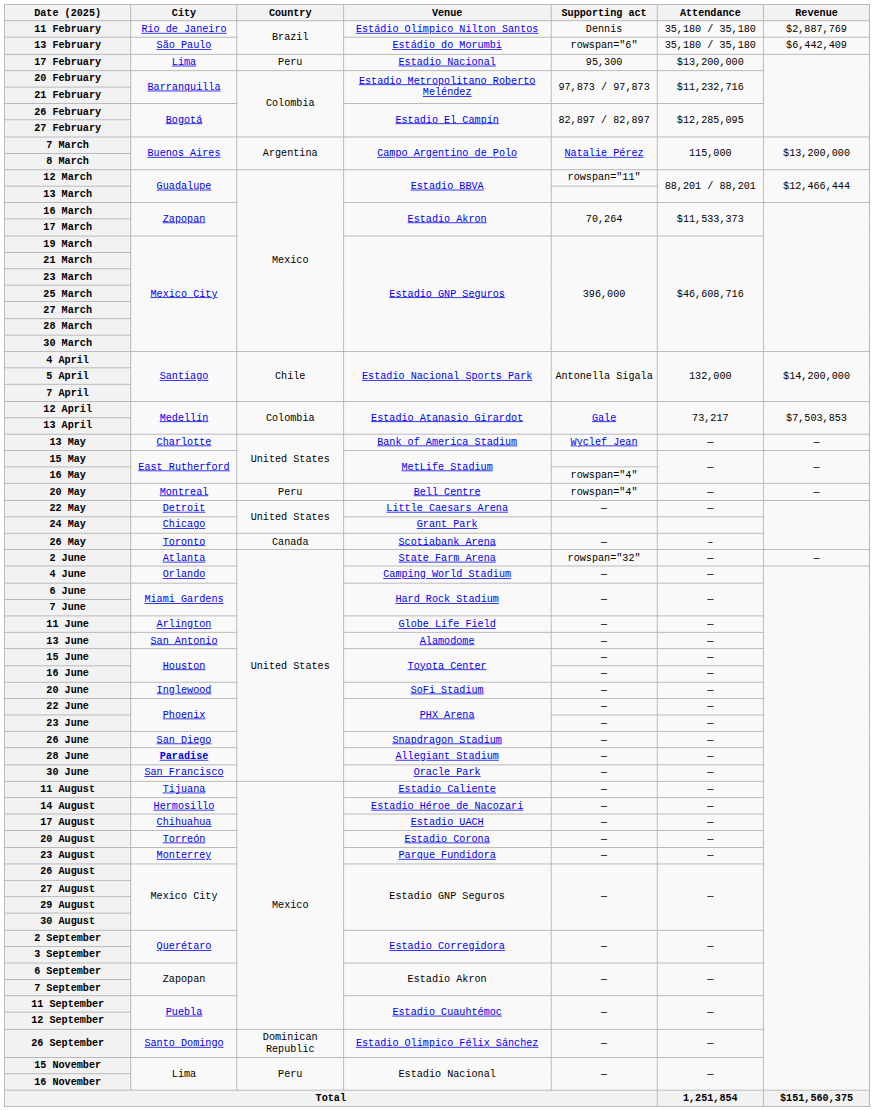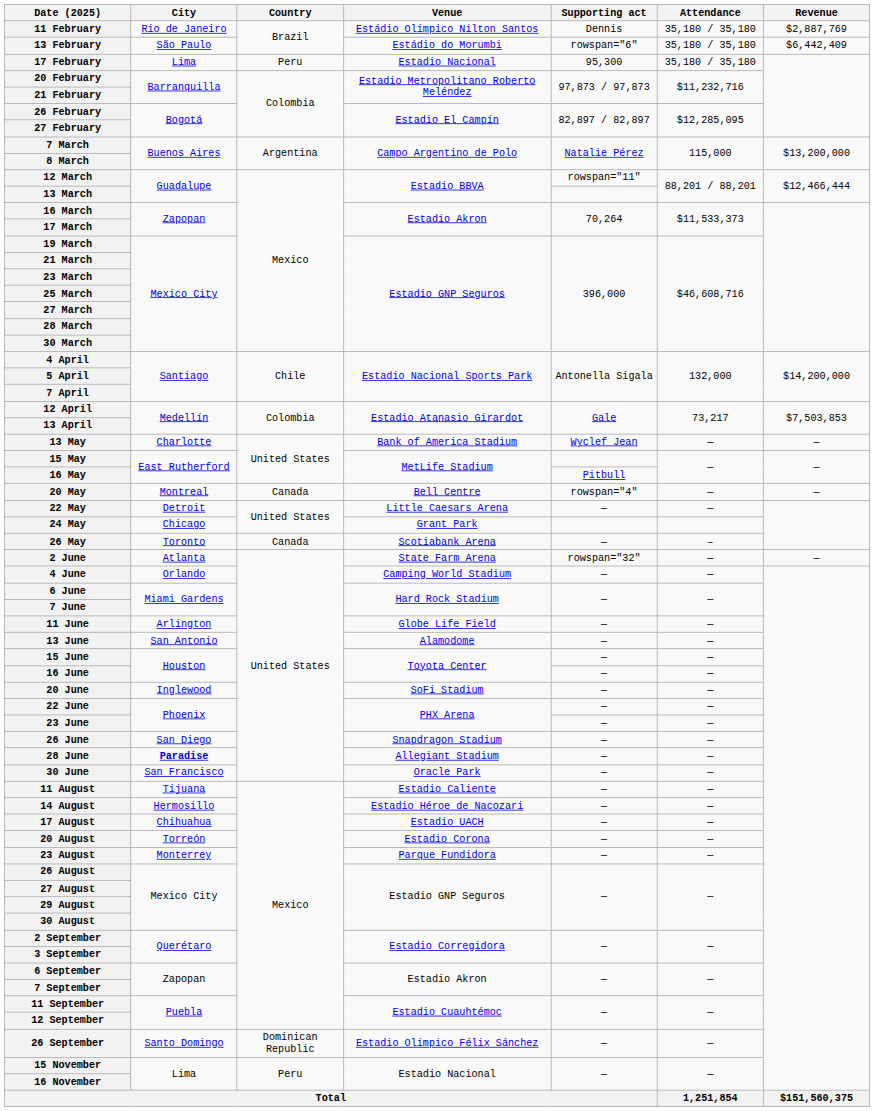 <table class="wikitable plainrowheaders" style="text-align:center;">
 <tr>
 <th scope="col" style="width:12em;">Date (2025)</th>
 <th scope="col" style="width:10em;">City</th>
 <th scope="col" style="width:10em;">Country</th>
 <th scope="col" style="width:20em;">Venue</th>
 <th scope="col" style="width:10em;">Supporting act</th>
 <th scope="col" style="width:10em;">Attendance</th>
 <th scope="col" style="width:10em;">Revenue</th>
 </tr>
 <tr>
 <th scope="row" style="text-align:center;">11 February</th>
 <td><a href='#'>Rio de Janeiro</a></td>
 <td rowspan="2">Brazil</td>
 <td><a href='#'>Estádio Olímpico Nilton Santos</a></td>
 <td>Dennis</td>
 <td>35,180 / 35,180</td>
 <td>$2,887,769</td>
 </tr>
 <tr>
 <th scope="row" style="text-align:center;">13 February</th>
 <td><a href='#'>São Paulo</a></td>
 <td><a href='#'>Estádio do Morumbi</a></td>
 <td>rowspan="6" </td>
 <td>35,180 / 35,180</td>
 <td>$6,442,409</td>
 </tr>
 <tr>
 <th scope="row" style="text-align:center;">17 February</th>
 <td><a href='#'>Lima</a></td>
 <td>Peru</td>
 <td><a href='#'>Estadio Nacional</a></td>
 <td>95,300</td>
-<td>$13,200,000</td>
+<td>35,180 / 35,180</td>
 </tr>
 <tr>
 <th scope="row" style="text-align:center;">20 February</th>
 <td rowspan="2"><a href='#'>Barranquilla</a></td>
 <td rowspan="4">Colombia</td>
 <td rowspan="2"><a href='#'>Estadio Metropolitano Roberto Meléndez</a></td>
 <td rowspan="2">97,873 / 97,873</td>
 <td rowspan="2">$11,232,716</td>
 </tr>
 <tr>
 <th scope="row" style="text-align:center;">21 February</th>
 </tr>
 <tr>
 <th scope="row" style="text-align:center;">26 February</th>
 <td rowspan="2"><a href='#'>Bogotá</a></td>
 <td rowspan="2"><a href='#'>Estadio El Campín</a></td>
 <td rowspan="2">82,897 / 82,897</td>
 <td rowspan="2">$12,285,095</td>
 </tr>
 <tr>
 <th scope="row" style="text-align:center;">27 February</th>
 </tr>
 <tr>
 <th scope="row" style="text-align:center;">7 March</th>
 <td rowspan="2"><a href='#'>Buenos Aires</a></td>
 <td rowspan="2">Argentina</td>
 <td rowspan="2"><a href='#'>Campo Argentino de Polo</a></td>
 <td rowspan="2"><a href='#'>Natalie Pérez</a></td>
 <td rowspan="2">115,000</td>
 <td rowspan="2">$13,200,000</td>
 </tr>
 <tr>
 <th scope="row" style="text-align:center;">8 March</th>
 </tr>
 <tr>
 <th scope="row" style="text-align:center;">12 March</th>
 <td rowspan="2"><a href='#'>Guadalupe</a></td>
 <td rowspan="11">Mexico</td>
 <td rowspan="2"><a href='#'>Estadio BBVA</a></td>
 <td>rowspan="11" </td>
 <td rowspan="2">88,201 / 88,201</td>
 <td rowspan="2">$12,466,444</td>
 </tr>
 <tr>
 <th scope="row" style="text-align:center;">13 March</th>
 </tr>
 <tr>
 <th scope="row" style="text-align:center;">16 March</th>
 <td rowspan="2"><a href='#'>Zapopan</a></td>
 <td rowspan="2"><a href='#'>Estadio Akron</a></td>
 <td rowspan="2">70,264</td>
 <td rowspan="2">$11,533,373</td>
 </tr>
 <tr>
 <th scope="row" style="text-align:center;">17 March</th>
 </tr>
 <tr>
 <th scope="row" style="text-align:center;">19 March</th>
 <td rowspan="7"><a href='#'>Mexico City</a></td>
 <td rowspan="7"><a href='#'>Estadio GNP Seguros</a></td>
 <td rowspan="7">396,000</td>
 <td rowspan="7">$46,608,716</td>
 </tr>
 <tr>
 <th scope="row" style="text-align:center;">21 March</th>
 </tr>
 <tr>
 <th scope="row" style="text-align:center;">23 March</th>
 </tr>
 <tr>
 <th scope="row" style="text-align:center;">25 March</th>
 </tr>
 <tr>
 <th scope="row" style="text-align:center;">27 March</th>
 </tr>
 <tr>
 <th scope="row" style="text-align:center;">28 March</th>
 </tr>
 <tr>
 <th scope="row" style="text-align:center;">30 March</th>
 </tr>
 <tr>
 <th scope="row" style="text-align:center;">4 April</th>
 <td rowspan="3"><a href='#'>Santiago</a></td>
 <td rowspan="3">Chile</td>
 <td rowspan="3"><a href='#'>Estadio Nacional Sports Park</a></td>
 <td rowspan="3">Antonella Sigala</td>
 <td rowspan="3">132,000</td>
 <td rowspan="3">$14,200,000</td>
 </tr>
 <tr>
 <th scope="row" style="text-align:center;">5 April</th>
 </tr>
 <tr>
 <th scope="row" style="text-align:center;">7 April</th>
 </tr>
 <tr>
 <th scope="row" style="text-align:center;">12 April</th>
 <td rowspan="2"><a href='#'>Medellín</a></td>
 <td rowspan="2">Colombia</td>
 <td rowspan="2"><a href='#'>Estadio Atanasio Girardot</a></td>
 <td rowspan="2"><a href='#'>Gale</a></td>
 <td rowspan="2">73,217</td>
 <td rowspan="2">$7,503,853</td>
 </tr>
 <tr>
 <th scope="row" style="text-align:center;">13 April</th>
 </tr>
 <tr>
 <th scope="row" style="text-align:center;">13 May</th>
 <td><a href='#'>Charlotte</a></td>
 <td rowspan="3">United States</td>
 <td><a href='#'>Bank of America Stadium</a></td>
 <td><a href='#'>Wyclef Jean</a></td>
 <td>—</td>
 <td>—</td>
 </tr>
 <tr>
 <th scope="row" style="text-align:center;">15 May</th>
 <td rowspan="2"><a href='#'>East Rutherford</a></td>
 <td rowspan="2"><a href='#'>MetLife Stadium</a></td>
 <td></td>
 <td rowspan="2">—</td>
 <td rowspan="2">—</td>
 </tr>
 <tr>
 <th scope="row" style="text-align:center;">16 May</th>
-<td>rowspan="4" </td>
+<td><a href='#'>Pitbull</a></td>
 </tr>
 <tr>
 <th scope="row" style="text-align:center;">20 May</th>
 <td><a href='#'>Montreal</a></td>
-<td>Peru</td>
+<td>Canada</td>
 <td><a href='#'>Bell Centre</a></td>
 <td>rowspan="4" </td>
 <td>—</td>
 <td>—</td>
 </tr>
 <tr>
 <th scope="row" style="text-align:center;">22 May</th>
 <td><a href='#'>Detroit</a></td>
 <td rowspan="2">United States</td>
 <td><a href='#'>Little Caesars Arena</a></td>
 <td>—</td>
 <td>—</td>
 </tr>
 <tr>
 <th scope="row" style="text-align:center;">24 May</th>
 <td><a href='#'>Chicago</a></td>
 <td><a href='#'>Grant Park</a></td>
 <td></td>
 <td></td>
 </tr>
 <tr>
 <th scope="row" style="text-align:center;">26 May</th>
 <td><a href='#'>Toronto</a></td>
 <td>Canada</td>
 <td><a href='#'>Scotiabank Arena</a></td>
 <td>—</td>
 <td>–</td>
 </tr>
 <tr>
 <th scope="row" style="text-align:center;">2 June</th>
 <td><a href='#'>Atlanta</a></td>
 <td rowspan="14">United States</td>
 <td><a href='#'>State Farm Arena</a></td>
 <td>rowspan="32" </td>
 <td>—</td>
 <td>—</td>
 </tr>
 <tr>
 <th scope="row" style="text-align:center;">4 June</th>
 <td><a href='#'>Orlando</a></td>
 <td><a href='#'>Camping World Stadium</a></td>
 <td>—</td>
 <td>—</td>
 </tr>
 <tr>
 <th scope="row" style="text-align:center;">6 June</th>
 <td rowspan="2"><a href='#'>Miami Gardens</a></td>
 <td rowspan="2"><a href='#'>Hard Rock Stadium</a></td>
 <td rowspan="2">—</td>
 <td rowspan="2">—</td>
 </tr>
 <tr>
 <th scope="row" style="text-align:center;">7 June</th>
 </tr>
 <tr>
 <th scope="row" style="text-align:center;">11 June</th>
 <td><a href='#'>Arlington</a></td>
 <td><a href='#'>Globe Life Field</a></td>
 <td>—</td>
 <td>—</td>
 </tr>
 <tr>
 <th scope="row" style="text-align:center;">13 June</th>
 <td><a href='#'>San Antonio</a></td>
 <td><a href='#'>Alamodome</a></td>
 <td>—</td>
 <td>—</td>
 </tr>
 <tr>
 <th scope="row" style="text-align:center;">15 June</th>
 <td rowspan="2"><a href='#'>Houston</a></td>
 <td rowspan="2"><a href='#'>Toyota Center</a></td>
 <td>—</td>
 <td>—</td>
 </tr>
 <tr>
 <th scope="row" style="text-align:center;">16 June</th>
 <td>—</td>
 <td>—</td>
 </tr>
 <tr>
 <th scope="row" style="text-align:center;">20 June</th>
 <td><a href='#'>Inglewood</a></td>
 <td><a href='#'>SoFi Stadium</a></td>
 <td>—</td>
 <td>—</td>
 </tr>
 <tr>
 <th scope="row" style="text-align:center;">22 June</th>
 <td rowspan="2"><a href='#'>Phoenix</a></td>
 <td rowspan="2"><a href='#'>PHX Arena</a></td>
 <td>—</td>
 <td>—</td>
 </tr>
 <tr>
 <th scope="row" style="text-align:center;">23 June</th>
 <td>—</td>
 <td>—</td>
 </tr>
 <tr>
 <th scope="row" style="text-align:center;">26 June</th>
 <td><a href='#'>San Diego</a></td>
 <td><a href='#'>Snapdragon Stadium</a></td>
 <td>—</td>
 <td>—</td>
 </tr>
 <tr>
 <th scope="row" style="text-align:center;">28 June</th>
 <td><strong><a href='#'>Paradise</a></strong></td>
 <td><a href='#'>Allegiant Stadium</a></td>
 <td>—</td>
 <td>—</td>
 </tr>
 <tr>
 <th scope="row" style="text-align:center;">30 June</th>
 <td><a href='#'>San Francisco</a></td>
 <td><a href='#'>Oracle Park</a></td>
 <td>—</td>
 <td>—</td>
 </tr>
 <tr>
 <th scope="row" style="text-align:center;">11 August</th>
 <td><a href='#'>Tijuana</a></td>
 <td rowspan="15">Mexico</td>
 <td><a href='#'>Estadio Caliente</a></td>
 <td>—</td>
 <td>—</td>
 </tr>
 <tr>
 <th scope="row" style="text-align:center;">14 August</th>
 <td><a href='#'>Hermosillo</a></td>
 <td><a href='#'>Estadio Héroe de Nacozari</a></td>
 <td>—</td>
 <td>—</td>
 </tr>
 <tr>
 <th scope="row" style="text-align:center;">17 August</th>
 <td><a href='#'>Chihuahua</a></td>
 <td><a href='#'>Estadio UACH</a></td>
 <td>—</td>
 <td>—</td>
 </tr>
 <tr>
 <th scope="row" style="text-align:center;">20 August</th>
 <td><a href='#'>Torreón</a></td>
 <td><a href='#'>Estadio Corona</a></td>
 <td>—</td>
 <td>—</td>
 </tr>
 <tr>
 <th scope="row" style="text-align:center;">23 August</th>
 <td><a href='#'>Monterrey</a></td>
 <td><a href='#'>Parque Fundidora</a></td>
 <td>—</td>
 <td>—</td>
 </tr>
 <tr>
 <th scope="row" style="text-align:center;">26 August</th>
 <td rowspan="4">Mexico City</td>
 <td rowspan="4">Estadio GNP Seguros</td>
 <td rowspan="4">—</td>
 <td rowspan="4">—</td>
 </tr>
 <tr>
 <th scope="row" style="text-align:center;">27 August</th>
 </tr>
 <tr>
 <th scope="row" style="text-align:center;">29 August</th>
 </tr>
 <tr>
 <th scope="row" style="text-align:center;">30 August</th>
 </tr>
 <tr>
 <th scope="row" style="text-align:center;">2 September</th>
 <td rowspan="2"><a href='#'>Querétaro</a></td>
 <td rowspan="2"><a href='#'>Estadio Corregidora</a></td>
 <td rowspan="2">—</td>
 <td rowspan="2">—</td>
 </tr>
 <tr>
 <th scope="row" style="text-align:center;">3 September</th>
 </tr>
 <tr>
 <th scope="row" style="text-align:center;">6 September</th>
 <td rowspan="2">Zapopan</td>
 <td rowspan="2">Estadio Akron</td>
 <td rowspan="2">—</td>
 <td rowspan="2">—</td>
 </tr>
 <tr>
 <th scope="row" style="text-align:center;">7 September</th>
 </tr>
 <tr>
 <th scope="row" style="text-align:center;">11 September</th>
 <td rowspan="2"><a href='#'>Puebla</a></td>
 <td rowspan="2"><a href='#'>Estadio Cuauhtémoc</a></td>
 <td rowspan="2">—</td>
 <td rowspan="2">—</td>
 </tr>
 <tr>
 <th scope="row" style="text-align:center;">12 September</th>
 </tr>
 <tr>
 <th scope="row" style="text-align:center;">26 September</th>
 <td><a href='#'>Santo Domingo</a></td>
 <td>Dominican Republic</td>
 <td><a href='#'>Estadio Olímpico Félix Sánchez</a></td>
 <td>—</td>
 <td>—</td>
 </tr>
 <tr>
 <th scope="row" style="text-align:center;">15 November</th>
 <td rowspan="2">Lima</td>
 <td rowspan="2">Peru</td>
 <td rowspan="2">Estadio Nacional</td>
 <td rowspan="2">—</td>
 <td rowspan="2">—</td>
 </tr>
 <tr>
 <th scope="row" style="text-align:center;">16 November</th>
 </tr>
 <tr>
 <th colspan="5">Total</th>
 <th>1,251,854</th>
 <th>$151,560,375</th>
 </tr>
 </table>
